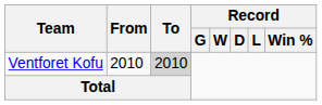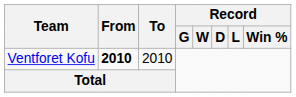 <table class="wikitable" style="text-align: center">
 <tr>
 <th rowspan="2">Team</th>
 <th rowspan="2">From</th>
 <th rowspan="2">To</th>
 <th colspan="5">Record</th>
 </tr>
 <tr>
 <th>G</th>
 <th>W</th>
 <th>D</th>
 <th>L</th>
 <th>Win %</th>
 </tr>
 <tr>
 <td align="left"><a href='#'>Ventforet Kofu</a></td>
-<td align="left">2010</td>
-<td align="left" style="background: lightgrey;">2010<br></td>
+<td align="left"><strong>2010</strong></td>
+<td align="left">2010<br></td>
 </tr>
 <tr>
 <th colspan="3">Total<br></th>
 </tr>
 </table>
